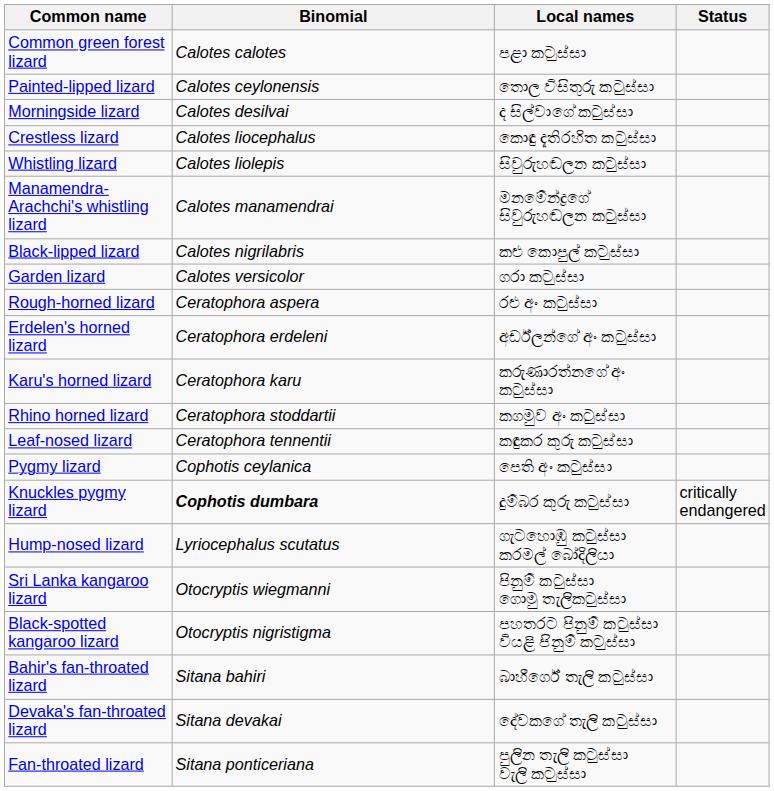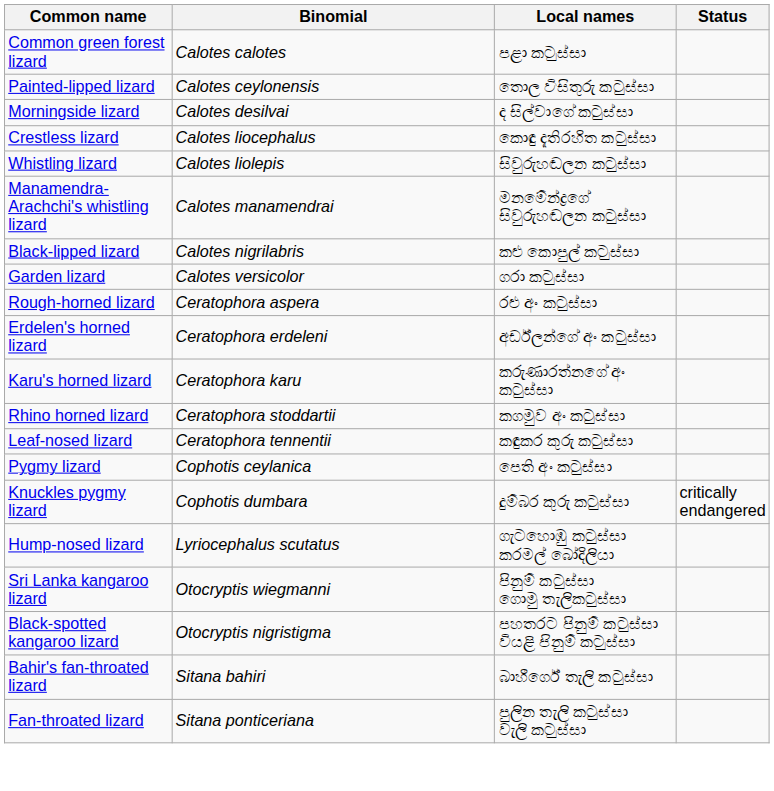 <table width=60% class="wikitable">
 <tr>
 <th width=24%>Common name</th>
 <th width=50%>Binomial</th>
 <th width=50%>Local names</th>
 <th width=24%>Status</th>
 </tr>
 <tr>
 <td><a href='#'>Common green forest lizard</a><br></td>
 <td><em>Calotes calotes</em></td>
 <td>පළා ක‍ටුස්සා</td>
 </tr>
 <tr>
 <td><a href='#'>Painted-lipped lizard</a><br></td>
 <td><em>Calotes ceylonensis</em></td>
 <td>තොල විසිතුරු ක‍ටුස්සා</td>
 <td></td>
 </tr>
 <tr>
 <td><a href='#'>Morningside lizard</a></td>
 <td><em>Calotes desilvai</em></td>
 <td>ද සිල්වාගේ ක‍ටුස්සා</td>
 <td></td>
 </tr>
 <tr>
 <td><a href='#'>Crestless lizard</a><br></td>
 <td><em>Calotes liocephalus</em></td>
 <td>කොඳු දැතිරහිත කටුස්සා</td>
 <td></td>
 </tr>
 <tr>
 <td><a href='#'>Whistling lizard</a><br></td>
 <td><em>Calotes liolepis</em></td>
 <td>සිවුරුහඬලන කටුස්සා</td>
 <td></td>
 </tr>
 <tr>
 <td><a href='#'>Manamendra-Arachchi's whistling lizard</a></td>
 <td><em>Calotes manamendrai</em></td>
 <td>මනමේන්ද්‍රගේ සිවුරුහඬලන කටුස්සා</td>
 <td></td>
 </tr>
 <tr>
 <td><a href='#'>Black-lipped lizard</a><br></td>
 <td><em>Calotes nigrilabris</em></td>
 <td>කළු කොපුල් කටුස්සා</td>
 <td></td>
 </tr>
 <tr>
 <td><a href='#'>Garden lizard</a><br></td>
 <td><em>Calotes versicolor</em></td>
 <td>ගරා කටුස්සා</td>
 <td></td>
 </tr>
 <tr>
 <td><a href='#'>Rough-horned lizard</a><br></td>
 <td><em>Ceratophora aspera</em></td>
 <td>රළු අං කටුස්සා</td>
 <td></td>
 </tr>
 <tr>
 <td><a href='#'>Erdelen's horned lizard</a><br></td>
 <td><em>Ceratophora erdeleni</em></td>
 <td>අර්ඩ්ලන්ගේ අං කටුස්සා</td>
 <td></td>
 </tr>
 <tr>
 <td><a href='#'>Karu's horned lizard</a></td>
 <td><em>Ceratophora karu</em></td>
 <td>කරුණාරත්නගේ අං කටුස්සා</td>
 <td></td>
 </tr>
 <tr>
 <td><a href='#'>Rhino horned lizard</a><br></td>
 <td><em>Ceratophora stoddartii</em></td>
 <td>කගමුව අං කටුස්සා</td>
 <td></td>
 </tr>
 <tr>
 <td><a href='#'>Leaf-nosed lizard</a><br></td>
 <td><em>Ceratophora tennentii</em></td>
 <td>කඳුකර කුරු කටුස්සා</td>
 <td></td>
 </tr>
 <tr>
 <td><a href='#'>Pygmy lizard</a><br></td>
 <td><em>Cophotis ceylanica</em></td>
 <td>පෙති අං කටුස්සා</td>
 <td></td>
 </tr>
 <tr>
 <td><a href='#'>Knuckles pygmy lizard</a><br></td>
-<td><strong><em>Cophotis dumbara</em></strong></td>
+<td><em>Cophotis dumbara</em></td>
 <td>දුම්බර කුරු කටුස්සා</td>
 <td>critically endangered</td>
 </tr>
 <tr>
 <td><a href='#'>Hump-nosed lizard</a><br></td>
 <td><em>Lyriocephalus scutatus</em></td>
 <td>ගැටහොඹු කටුස්සා<br> කරමල් බෝදිලියා</td>
 <td></td>
 </tr>
 <tr>
 <td><a href='#'>Sri Lanka kangaroo lizard</a><br></td>
 <td><em>Otocryptis wiegmanni</em></td>
 <td>පිනුම් කටුස්සා<br> ගොමු තැලිකටුස්සා</td>
 <td></td>
 </tr>
 <tr>
 <td><a href='#'>Black-spotted kangaroo lizard</a><br></td>
 <td><em>Otocryptis nigristigma</em></td>
 <td>පහතරට පිනුම් කටුස්සා<br> වියළි පිනුම් කටුස්සා</td>
 <td></td>
 </tr>
 <tr>
 <td><a href='#'>Bahir's fan-throated lizard</a></td>
 <td><em>Sitana bahiri</em></td>
 <td>බාහීර්ගේ තැලි කටුස්සා</td>
 <td></td>
 </tr>
 <tr>
-<td><a href='#'>Devaka's fan-throated lizard</a></td>
-<td><em>Sitana devakai</em></td>
-<td>දේවකගේ තැලි කටුස්සා</td>
-<td></td>
-</tr>
-<tr>
 <td><a href='#'>Fan-throated lizard</a><br></td>
 <td><em>Sitana ponticeriana</em></td>
 <td>පුලින තැලි කටුස්සා<br> වැලි කටුස්සා</td>
 <td></td>
 </tr>
 </table>
